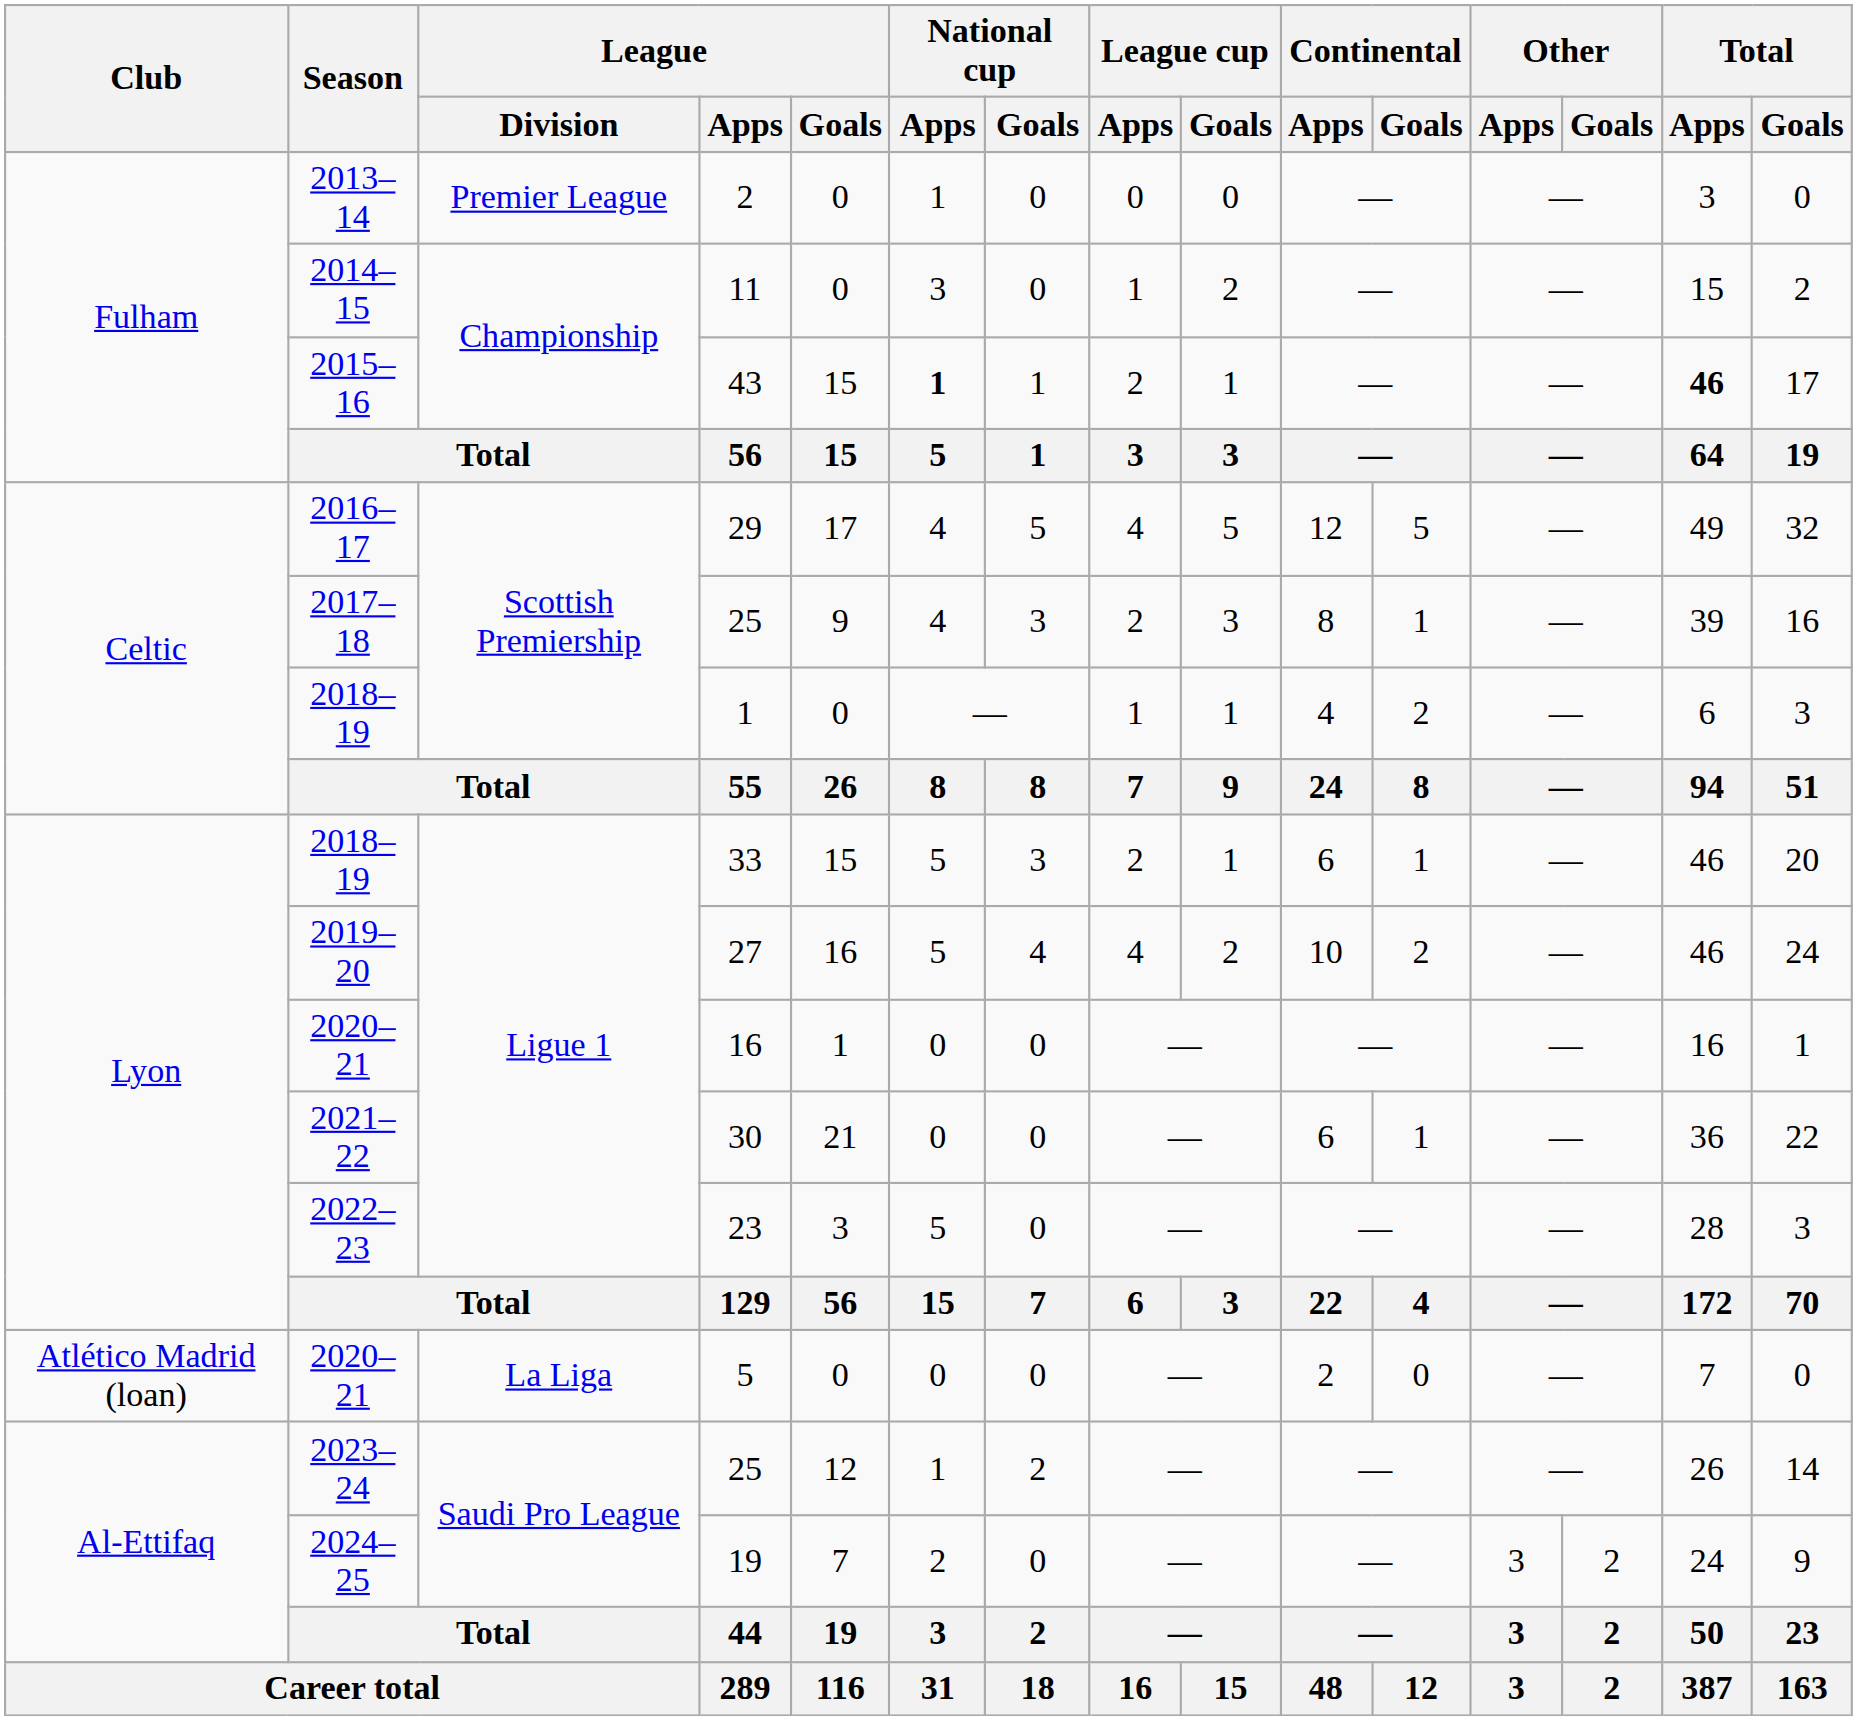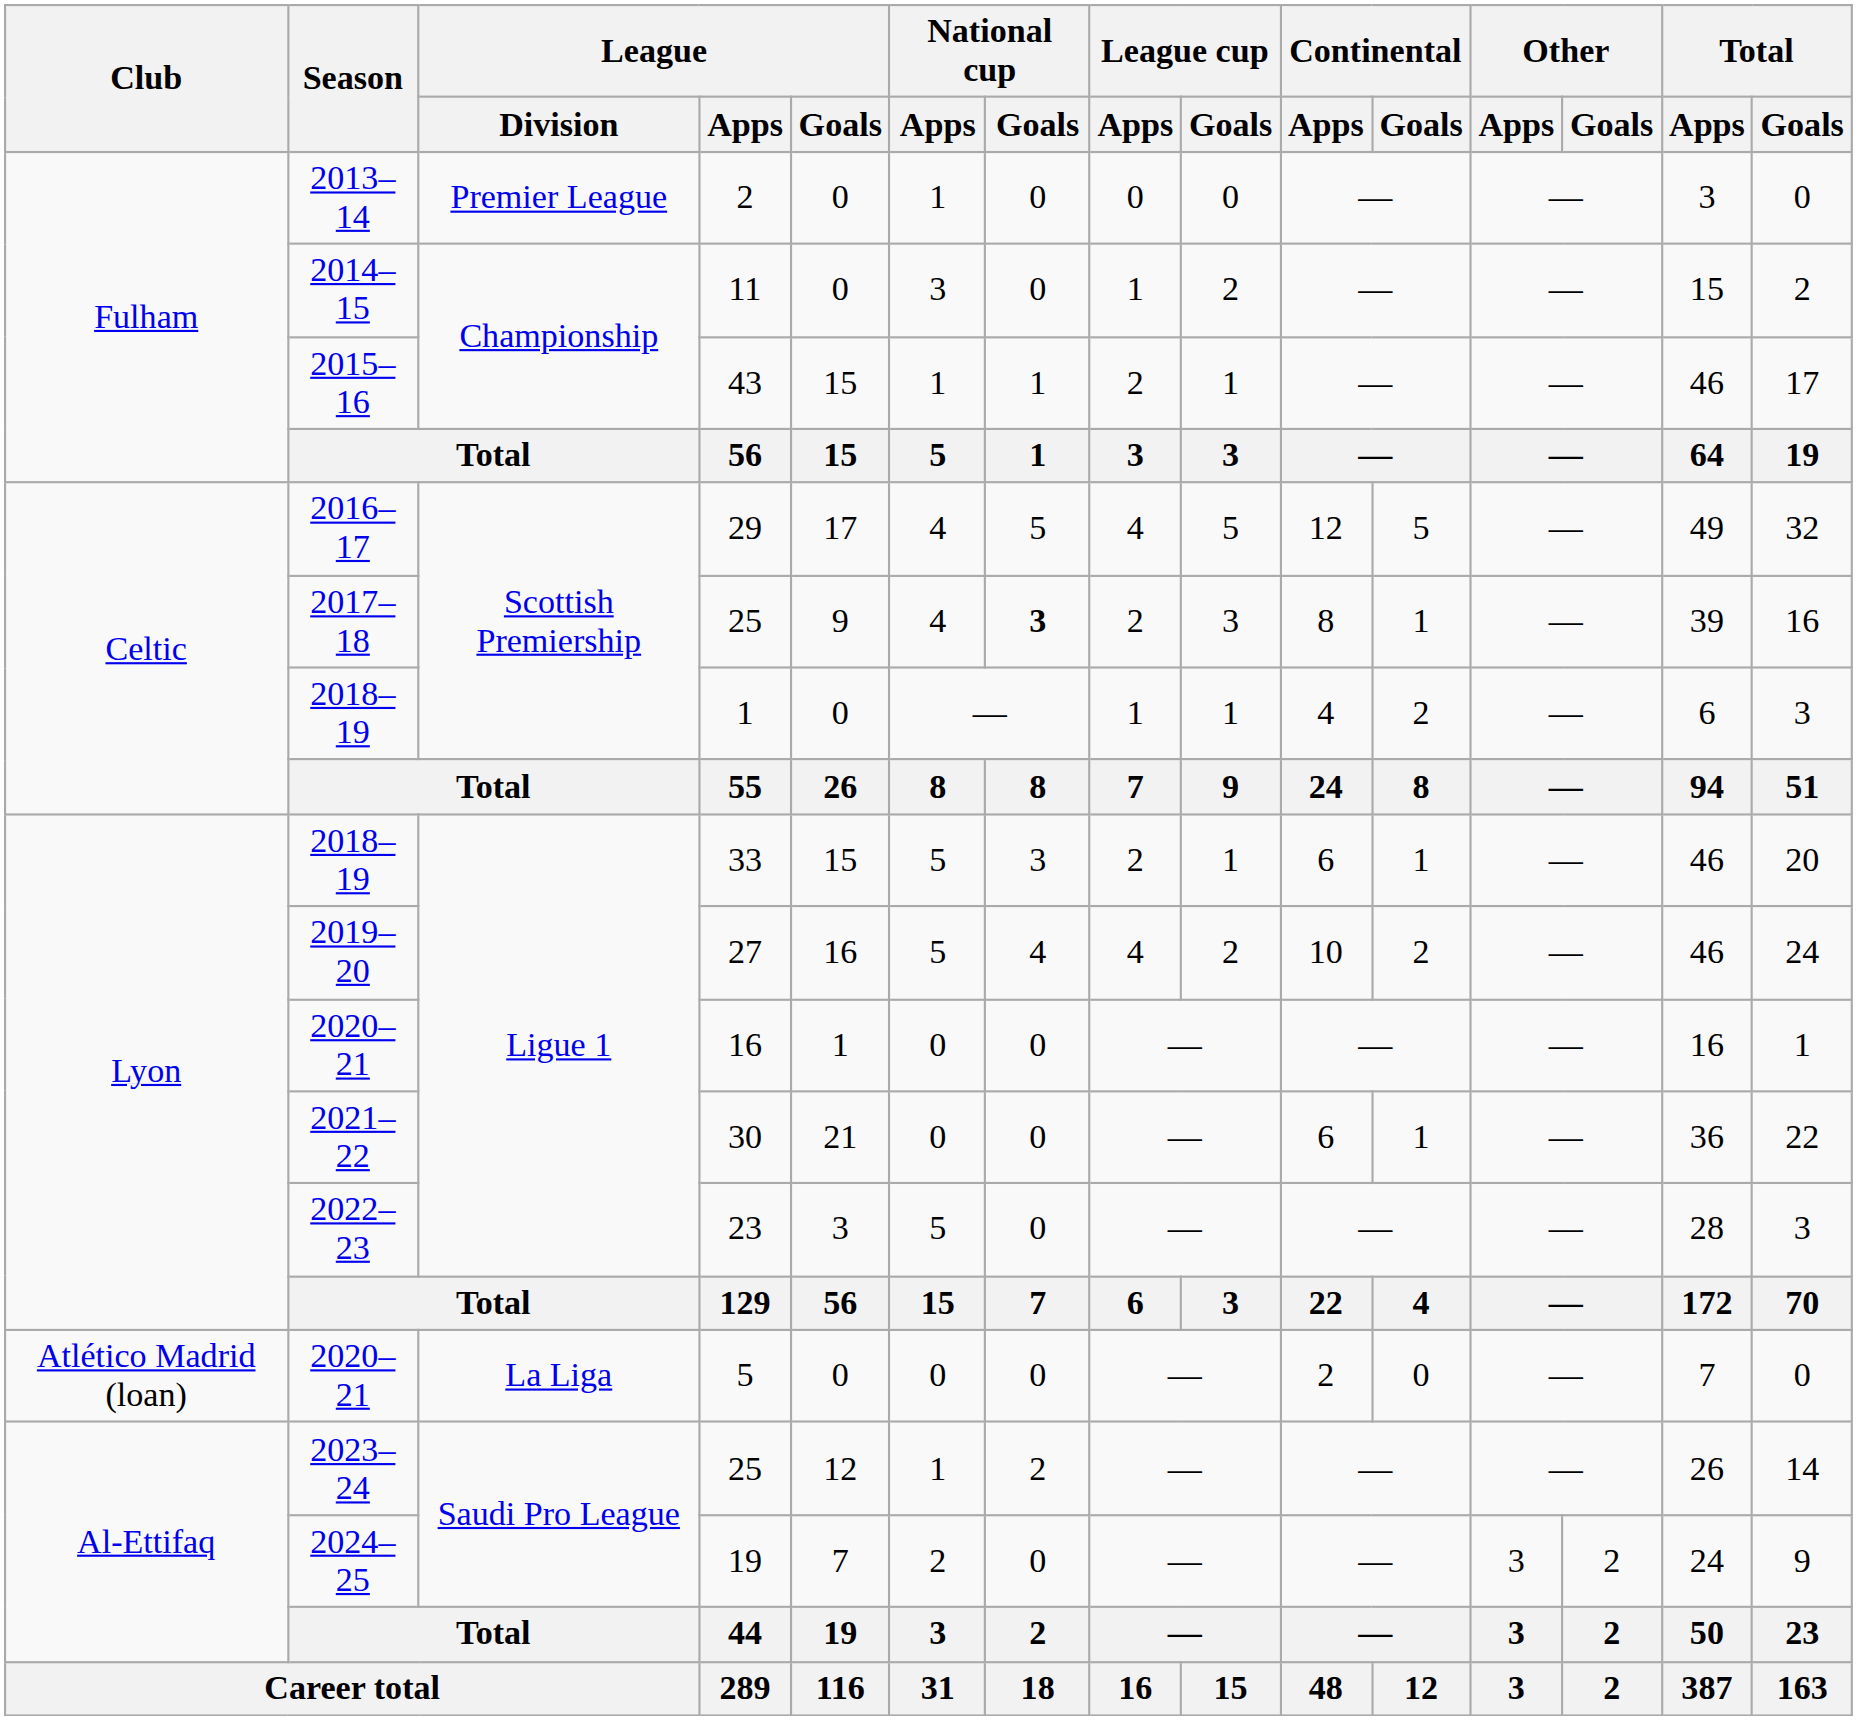 <table class=wikitable style=text-align:center>
 <tr>
 <th rowspan=2>Club</th>
 <th rowspan=2>Season</th>
 <th colspan=3>League</th>
 <th colspan=2>National cup</th>
 <th colspan=2>League cup</th>
 <th colspan=2>Continental</th>
 <th colspan=2>Other</th>
 <th colspan=2>Total</th>
 </tr>
 <tr>
 <th>Division</th>
 <th>Apps</th>
 <th>Goals</th>
 <th>Apps</th>
 <th>Goals</th>
 <th>Apps</th>
 <th>Goals</th>
 <th>Apps</th>
 <th>Goals</th>
 <th>Apps</th>
 <th>Goals</th>
 <th>Apps</th>
 <th>Goals</th>
 </tr>
 <tr>
 <td rowspan=4><a href='#'>Fulham</a></td>
 <td><a href='#'>2013–14</a></td>
 <td><a href='#'>Premier League</a></td>
 <td>2</td>
 <td>0</td>
 <td>1</td>
 <td>0</td>
 <td>0</td>
 <td>0</td>
 <td colspan=2>—</td>
 <td colspan=2>—</td>
 <td>3</td>
 <td>0</td>
 </tr>
 <tr>
 <td><a href='#'>2014–15</a></td>
 <td rowspan=2><a href='#'>Championship</a></td>
 <td>11</td>
 <td>0</td>
 <td>3</td>
 <td>0</td>
 <td>1</td>
 <td>2</td>
 <td colspan=2>—</td>
 <td colspan=2>—</td>
 <td>15</td>
 <td>2</td>
 </tr>
 <tr>
 <td><a href='#'>2015–16</a></td>
 <td>43</td>
 <td>15</td>
-<td><strong>1</strong></td>
+<td>1</td>
 <td>1</td>
 <td>2</td>
 <td>1</td>
 <td colspan=2>—</td>
 <td colspan=2>—</td>
-<td><strong>46</strong></td>
+<td>46</td>
 <td>17</td>
 </tr>
 <tr>
 <th colspan=2>Total</th>
 <th>56</th>
 <th>15</th>
 <th>5</th>
 <th>1</th>
 <th>3</th>
 <th>3</th>
 <th colspan=2>—</th>
 <th colspan=2>—</th>
 <th>64</th>
 <th>19</th>
 </tr>
 <tr>
 <td rowspan=4><a href='#'>Celtic</a></td>
 <td><a href='#'>2016–17</a></td>
 <td rowspan=3><a href='#'>Scottish Premiership</a></td>
 <td>29</td>
 <td>17</td>
 <td>4</td>
 <td>5</td>
 <td>4</td>
 <td>5</td>
 <td>12</td>
 <td>5</td>
 <td colspan=2>—</td>
 <td>49</td>
 <td>32</td>
 </tr>
 <tr>
 <td><a href='#'>2017–18</a></td>
 <td>25</td>
 <td>9</td>
 <td>4</td>
-<td>3</td>
+<td><strong>3</strong></td>
 <td>2</td>
 <td>3</td>
 <td>8</td>
 <td>1</td>
 <td colspan=2>—</td>
 <td>39</td>
 <td>16</td>
 </tr>
 <tr>
 <td><a href='#'>2018–19</a></td>
 <td>1</td>
 <td>0</td>
 <td colspan=2>—</td>
 <td>1</td>
 <td>1</td>
 <td>4</td>
 <td>2</td>
 <td colspan=2>—</td>
 <td>6</td>
 <td>3</td>
 </tr>
 <tr>
 <th colspan=2>Total</th>
 <th>55</th>
 <th>26</th>
 <th>8</th>
 <th>8</th>
 <th>7</th>
 <th>9</th>
 <th>24</th>
 <th>8</th>
 <th colspan=2>—</th>
 <th>94</th>
 <th>51</th>
 </tr>
 <tr>
 <td rowspan=6><a href='#'>Lyon</a></td>
 <td><a href='#'>2018–19</a></td>
 <td rowspan=5><a href='#'>Ligue 1</a></td>
 <td>33</td>
 <td>15</td>
 <td>5</td>
 <td>3</td>
 <td>2</td>
 <td>1</td>
 <td>6</td>
 <td>1</td>
 <td colspan=2>—</td>
 <td>46</td>
 <td>20</td>
 </tr>
 <tr>
 <td><a href='#'>2019–20</a></td>
 <td>27</td>
 <td>16</td>
 <td>5</td>
 <td>4</td>
 <td>4</td>
 <td>2</td>
 <td>10</td>
 <td>2</td>
 <td colspan=2>—</td>
 <td>46</td>
 <td>24</td>
 </tr>
 <tr>
 <td><a href='#'>2020–21</a></td>
 <td>16</td>
 <td>1</td>
 <td>0</td>
 <td>0</td>
 <td colspan=2>—</td>
 <td colspan=2>—</td>
 <td colspan=2>—</td>
 <td>16</td>
 <td>1</td>
 </tr>
 <tr>
 <td><a href='#'>2021–22</a></td>
 <td>30</td>
 <td>21</td>
 <td>0</td>
 <td>0</td>
 <td colspan=2>—</td>
 <td>6</td>
 <td>1</td>
 <td colspan=2>—</td>
 <td>36</td>
 <td>22</td>
 </tr>
 <tr>
 <td><a href='#'>2022–23</a></td>
 <td>23</td>
 <td>3</td>
 <td>5</td>
 <td>0</td>
 <td colspan=2>—</td>
 <td colspan=2>—</td>
 <td colspan=2>—</td>
 <td>28</td>
 <td>3</td>
 </tr>
 <tr>
 <th colspan=2>Total</th>
 <th>129</th>
 <th>56</th>
 <th>15</th>
 <th>7</th>
 <th>6</th>
 <th>3</th>
 <th>22</th>
 <th>4</th>
 <th colspan=2>—</th>
 <th>172</th>
 <th>70</th>
 </tr>
 <tr>
 <td><a href='#'>Atlético Madrid</a> (loan)</td>
 <td><a href='#'>2020–21</a></td>
 <td><a href='#'>La Liga</a></td>
 <td>5</td>
 <td>0</td>
 <td>0</td>
 <td>0</td>
 <td colspan=2>—</td>
 <td>2</td>
 <td>0</td>
 <td colspan=2>—</td>
 <td>7</td>
 <td>0</td>
 </tr>
 <tr>
 <td rowspan=3><a href='#'>Al-Ettifaq</a></td>
 <td><a href='#'>2023–24</a></td>
 <td rowspan=2><a href='#'>Saudi Pro League</a></td>
 <td>25</td>
 <td>12</td>
 <td>1</td>
 <td>2</td>
 <td colspan=2>—</td>
 <td colspan=2>—</td>
 <td colspan=2>—</td>
 <td>26</td>
 <td>14</td>
 </tr>
 <tr>
 <td><a href='#'>2024–25</a></td>
 <td>19</td>
 <td>7</td>
 <td>2</td>
 <td>0</td>
 <td colspan=2>—</td>
 <td colspan=2>—</td>
 <td>3</td>
 <td>2</td>
 <td>24</td>
 <td>9</td>
 </tr>
 <tr>
 <th colspan=2>Total</th>
 <th>44</th>
 <th>19</th>
 <th>3</th>
 <th>2</th>
 <th colspan=2>—</th>
 <th colspan=2>—</th>
 <th>3</th>
 <th>2</th>
 <th>50</th>
 <th>23</th>
 </tr>
 <tr>
 <th colspan=3>Career total</th>
 <th>289</th>
 <th>116</th>
 <th>31</th>
 <th>18</th>
 <th>16</th>
 <th>15</th>
 <th>48</th>
 <th>12</th>
 <th>3</th>
 <th>2</th>
 <th>387</th>
 <th>163</th>
 </tr>
 </table>
